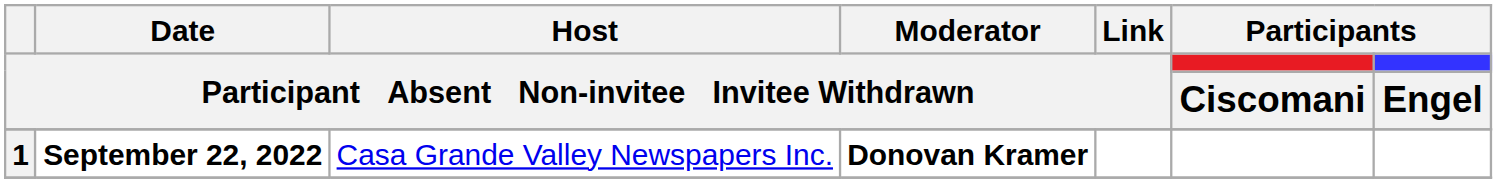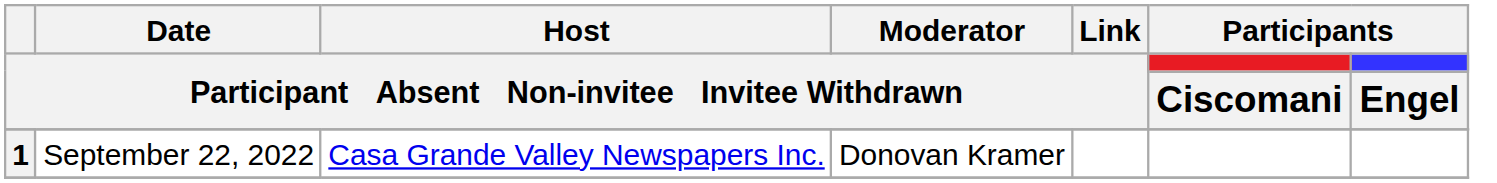 <table class="wikitable" style="text-align:center;">
 <tr style="font-size:small;">
 <th scope="col"></th>
 <th scope="col">Date</th>
 <th scope="col">Host</th>
 <th scope="col">Moderator</th>
 <th scope="col">Link</th>
 <th scope="col" colspan="4">Participants</th>
 </tr>
 <tr>
 <th colspan="5" rowspan="2"> <small>Participant  </small> <small>Absent  </small> <small>Non-invitee  </small> <small>Invitee Withdrawn</small></th>
 <th scope="col" style="background:#E81B23;"></th>
 <th scope="col" style="background:#3333FF;"></th>
 </tr>
 <tr>
 <th scope="col">Ciscomani</th>
 <th scope="col">Engel</th>
 </tr>
 <tr>
 </tr>
 <tr style="background:#FFFFFF;font-size:small;">
 <th scope="row">1</th>
-<td style="white-space:nowrap;"><strong>September 22, 2022</strong></td>
+<td style="white-space:nowrap;">September 22, 2022</td>
 <td style="white-space:nowrap;"><a href='#'>Casa Grande Valley Newspapers Inc.</a></td>
-<td style="white-space:nowrap;"><strong>Donovan Kramer</strong></td>
+<td style="white-space:nowrap;">Donovan Kramer</td>
 <td style="white-space:nowrap;"></td>
 <td></td>
 <td></td>
 </tr>
 <tr>
 </tr>
 </table>
